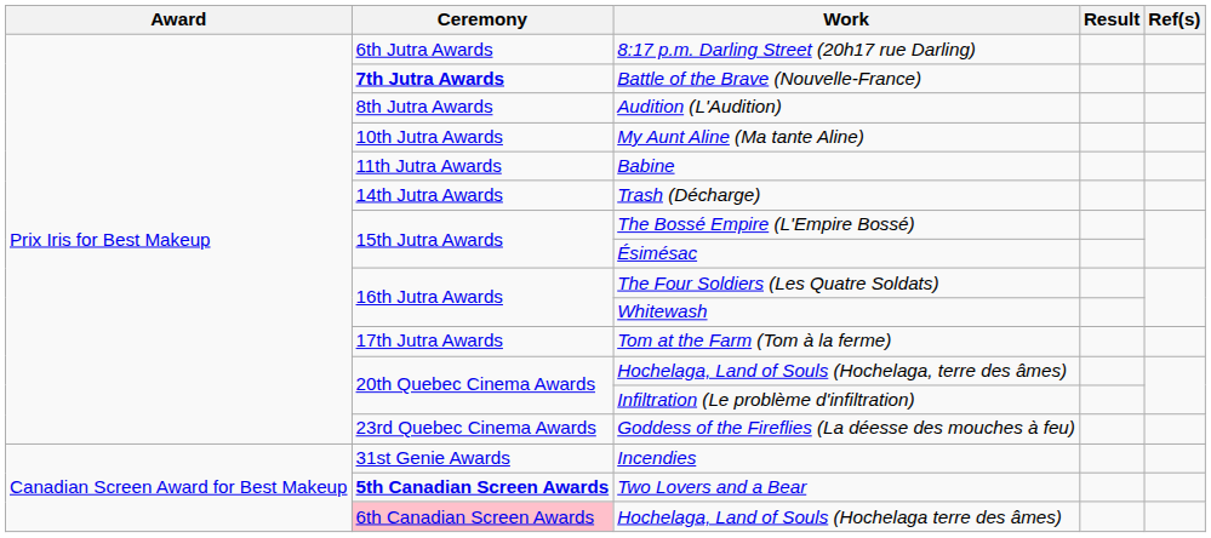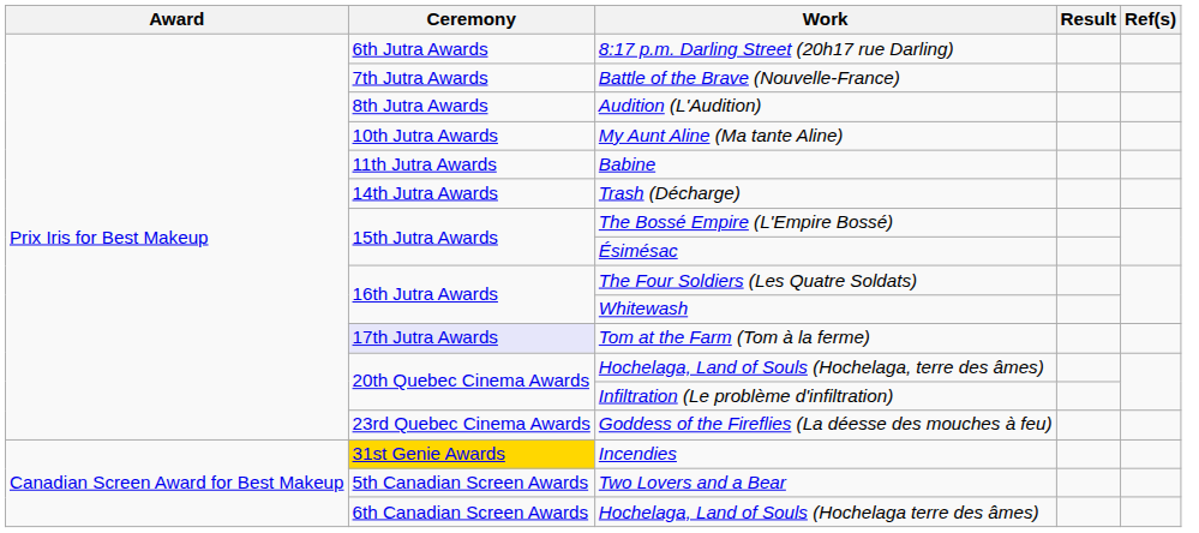 <table class="wikitable plainrowheaders sortable">
 <tr>
 <th>Award</th>
 <th>Ceremony</th>
 <th>Work</th>
 <th>Result</th>
 <th>Ref(s)</th>
 </tr>
 <tr>
 <td rowspan=14><a href='#'>Prix Iris for Best Makeup</a></td>
 <td><a href='#'>6th Jutra Awards</a></td>
 <td><em><a href='#'>8:17 p.m. Darling Street</a> (20h17 rue Darling)</em></td>
 <td></td>
 <td></td>
 </tr>
 <tr>
-<td><strong><a href='#'>7th Jutra Awards</a></strong></td>
+<td><a href='#'>7th Jutra Awards</a></td>
 <td><em><a href='#'>Battle of the Brave</a> (Nouvelle-France)</em></td>
 <td></td>
 <td></td>
 </tr>
 <tr>
 <td><a href='#'>8th Jutra Awards</a></td>
 <td><em><a href='#'>Audition</a> (L'Audition)</em></td>
 <td></td>
 <td></td>
 </tr>
 <tr>
 <td><a href='#'>10th Jutra Awards</a></td>
 <td><em><a href='#'>My Aunt Aline</a> (Ma tante Aline)</em></td>
 <td></td>
 <td></td>
 </tr>
 <tr>
 <td><a href='#'>11th Jutra Awards</a></td>
 <td><em><a href='#'>Babine</a></em></td>
 <td></td>
 <td></td>
 </tr>
 <tr>
 <td rowspan=1><a href='#'>14th Jutra Awards</a></td>
 <td><em><a href='#'>Trash</a> (Décharge)</em></td>
 <td></td>
 <td rowspan=1></td>
 </tr>
 <tr>
 <td rowspan=2><a href='#'>15th Jutra Awards</a></td>
 <td><em><a href='#'>The Bossé Empire</a> (L'Empire Bossé)</em></td>
 <td></td>
 <td rowspan=2></td>
 </tr>
 <tr>
 <td><em><a href='#'>Ésimésac</a></em></td>
 <td></td>
 </tr>
 <tr>
 <td rowspan=2><a href='#'>16th Jutra Awards</a></td>
 <td><em><a href='#'>The Four Soldiers</a> (Les Quatre Soldats)</em></td>
 <td></td>
 <td rowspan=2></td>
 </tr>
 <tr>
 <td><em><a href='#'>Whitewash</a></em></td>
 <td></td>
 </tr>
 <tr>
-<td><a href='#'>17th Jutra Awards</a></td>
+<td style="background: lavender;"><a href='#'>17th Jutra Awards</a></td>
 <td><em><a href='#'>Tom at the Farm</a> (Tom à la ferme)</em></td>
 <td></td>
 <td></td>
 </tr>
 <tr>
 <td rowspan=2><a href='#'>20th Quebec Cinema Awards</a></td>
 <td><em><a href='#'>Hochelaga, Land of Souls</a> (Hochelaga, terre des âmes)</em></td>
 <td></td>
 <td rowspan=2></td>
 </tr>
 <tr>
 <td><em><a href='#'>Infiltration</a> (Le problème d'infiltration)</em></td>
 <td></td>
 </tr>
 <tr>
 <td><a href='#'>23rd Quebec Cinema Awards</a></td>
 <td><em><a href='#'>Goddess of the Fireflies</a> (La déesse des mouches à feu)</em></td>
 <td></td>
 <td></td>
 </tr>
 <tr>
 <td rowspan=3><a href='#'>Canadian Screen Award for Best Makeup</a></td>
-<td><a href='#'>31st Genie Awards</a></td>
+<td style="background: gold;"><a href='#'>31st Genie Awards</a></td>
 <td><em><a href='#'>Incendies</a></em></td>
 <td></td>
 <td></td>
 </tr>
 <tr>
-<td><strong><a href='#'>5th Canadian Screen Awards</a></strong></td>
+<td><a href='#'>5th Canadian Screen Awards</a></td>
 <td><em><a href='#'>Two Lovers and a Bear</a></em></td>
 <td></td>
 <td></td>
 </tr>
 <tr>
-<td style="background: pink;"><a href='#'>6th Canadian Screen Awards</a></td>
+<td><a href='#'>6th Canadian Screen Awards</a></td>
 <td><em><a href='#'>Hochelaga, Land of Souls</a> (Hochelaga terre des âmes)</em></td>
 <td></td>
 <td></td>
 </tr>
 </table>
